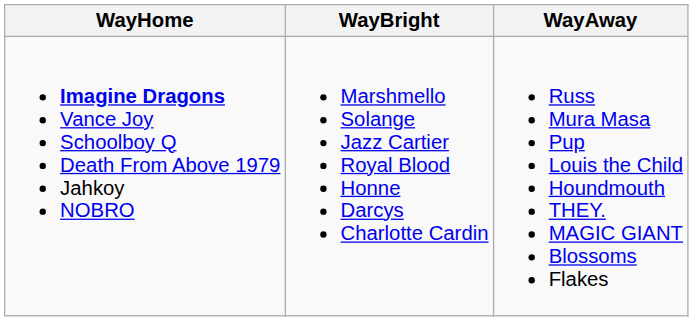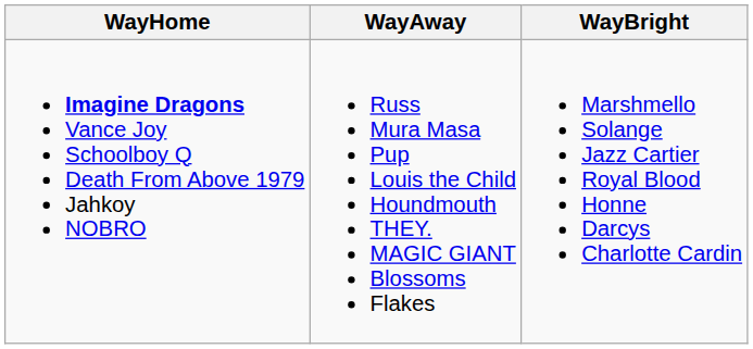 <table class="wikitable">
 <tr>
 <th>WayHome</th>
+<th>WayAway</th>
 <th>WayBright</th>
-<th>WayAway</th>
 </tr>
 <tr valign="top">
 <td><br><ul><li><strong><a href='#'>Imagine Dragons</a></strong></li><li><a href='#'>Vance Joy</a></li><li><a href='#'>Schoolboy Q</a></li><li><a href='#'>Death From Above 1979</a></li><li>Jahkoy</li><li><a href='#'>NOBRO</a></li></ul></td>
+<td><br><ul><li><a href='#'>Russ</a></li><li><a href='#'>Mura Masa</a></li><li><a href='#'>Pup</a></li><li><a href='#'>Louis the Child</a></li><li><a href='#'>Houndmouth</a></li><li><a href='#'>THEY.</a></li><li><a href='#'>MAGIC GIANT</a></li><li><a href='#'>Blossoms</a></li><li>Flakes</li></ul></td>
 <td><br><ul><li><a href='#'>Marshmello</a></li><li><a href='#'>Solange</a></li><li><a href='#'>Jazz Cartier</a></li><li><a href='#'>Royal Blood</a></li><li><a href='#'>Honne</a></li><li><a href='#'>Darcys</a></li><li><a href='#'>Charlotte Cardin</a></li></ul></td>
-<td><br><ul><li><a href='#'>Russ</a></li><li><a href='#'>Mura Masa</a></li><li><a href='#'>Pup</a></li><li><a href='#'>Louis the Child</a></li><li><a href='#'>Houndmouth</a></li><li><a href='#'>THEY.</a></li><li><a href='#'>MAGIC GIANT</a></li><li><a href='#'>Blossoms</a></li><li>Flakes</li></ul></td>
 </tr>
 </table>
